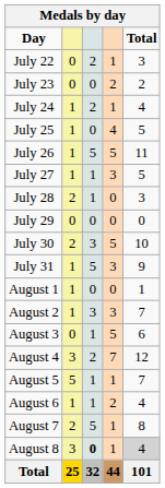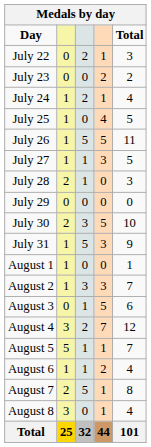 <table class="wikitable" style="font-size:85%; float:right">
 <tr align=center>
 <th colspan=7><strong>Medals by day</strong></th>
 </tr>
 <tr align=center>
 <td><strong>Day</strong></td>
 <td style="background:#f7f6a8;"></td>
 <td style="background:#dce5e5;"></td>
 <td style="background:#ffdab9;"></td>
 <td><strong>Total</strong></td>
 </tr>
 <tr align=center>
 <td>July 22</td>
 <td style="background:#f7f6a8;">0</td>
 <td style="background:#dce5e5;">2</td>
 <td style="background:#ffdab9;">1</td>
 <td>3</td>
 </tr>
 <tr align=center>
 <td>July 23</td>
 <td style="background:#f7f6a8;">0</td>
 <td style="background:#dce5e5;">0</td>
 <td style="background:#ffdab9;">2</td>
 <td>2</td>
 </tr>
 <tr align=center>
 <td>July 24</td>
 <td style="background:#f7f6a8;">1</td>
 <td style="background:#dce5e5;">2</td>
 <td style="background:#ffdab9;">1</td>
 <td>4</td>
 </tr>
 <tr align=center>
 <td>July 25</td>
 <td style="background:#f7f6a8;">1</td>
 <td style="background:#dce5e5;">0</td>
 <td style="background:#ffdab9;">4</td>
 <td>5</td>
 </tr>
 <tr align=center>
 <td>July 26</td>
 <td style="background:#f7f6a8;">1</td>
 <td style="background:#dce5e5;">5</td>
 <td style="background:#ffdab9;">5</td>
 <td>11</td>
 </tr>
 <tr align=center>
 <td>July 27</td>
 <td style="background:#f7f6a8;">1</td>
 <td style="background:#dce5e5;">1</td>
 <td style="background:#ffdab9;">3</td>
 <td>5</td>
 </tr>
 <tr align=center>
 <td>July 28</td>
 <td style="background:#f7f6a8;">2</td>
 <td style="background:#dce5e5;">1</td>
 <td style="background:#ffdab9;">0</td>
 <td>3</td>
 </tr>
 <tr align=center>
 <td>July 29</td>
 <td style="background:#f7f6a8;">0</td>
 <td style="background:#dce5e5;">0</td>
 <td style="background:#ffdab9;">0</td>
 <td>0</td>
 </tr>
 <tr align=center>
 <td>July 30</td>
 <td style="background:#f7f6a8;">2</td>
 <td style="background:#dce5e5;">3</td>
 <td style="background:#ffdab9;">5</td>
 <td>10</td>
 </tr>
 <tr align=center>
 <td>July 31</td>
 <td style="background:#f7f6a8;">1</td>
 <td style="background:#dce5e5;">5</td>
 <td style="background:#ffdab9;">3</td>
 <td>9</td>
 </tr>
 <tr align=center>
 <td>August 1</td>
 <td style="background:#f7f6a8;">1</td>
 <td style="background:#dce5e5;">0</td>
 <td style="background:#ffdab9;">0</td>
 <td>1</td>
 </tr>
 <tr align=center>
 <td>August 2</td>
 <td style="background:#f7f6a8;">1</td>
 <td style="background:#dce5e5;">3</td>
 <td style="background:#ffdab9;">3</td>
 <td>7</td>
 </tr>
 <tr align=center>
 <td>August 3</td>
 <td style="background:#f7f6a8;">0</td>
 <td style="background:#dce5e5;">1</td>
 <td style="background:#ffdab9;">5</td>
 <td>6</td>
 </tr>
 <tr align=center>
 <td>August 4</td>
 <td style="background:#f7f6a8;">3</td>
 <td style="background:#dce5e5;">2</td>
 <td style="background:#ffdab9;">7</td>
 <td>12</td>
 </tr>
 <tr align=center>
 <td>August 5</td>
 <td style="background:#f7f6a8;">5</td>
 <td style="background:#dce5e5;">1</td>
 <td style="background:#ffdab9;">1</td>
 <td>7</td>
 </tr>
 <tr align=center>
 <td>August 6</td>
 <td style="background:#f7f6a8;">1</td>
 <td style="background:#dce5e5;">1</td>
 <td style="background:#ffdab9;">2</td>
 <td>4</td>
 </tr>
 <tr align=center>
 <td>August 7</td>
 <td style="background:#f7f6a8;">2</td>
 <td style="background:#dce5e5;">5</td>
 <td style="background:#ffdab9;">1</td>
 <td>8</td>
 </tr>
 <tr align=center>
 <td>August 8</td>
 <td style="background:#f7f6a8;">3</td>
-<td style="background:#dce5e5;"><strong>0</strong></td>
+<td style="background:#dce5e5;">0</td>
 <td style="background:#ffdab9;">1</td>
-<td style="background: lightgrey;">4</td>
+<td>4</td>
 </tr>
 <tr align=center>
 <th><strong>Total</strong></th>
 <th style="background:gold;"><strong>25</strong></th>
 <th style="background:silver;"><strong>32</strong></th>
 <th style="background:#c96;"><strong>44</strong></th>
 <th><strong>101</strong></th>
 </tr>
 </table>
